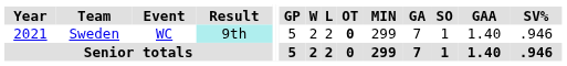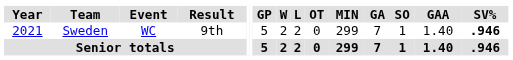 <table border="0" cellpadding="1" cellspacing="0" style="text-align:center; width:40em">
 <tr ALIGN="center" bgcolor="#e0e0e0">
 <th colspan="4" style="background:#fff;"></th>
 <th rowspan="99" style="background:#fff;"></th>
 </tr>
 <tr style="background:#e0e0e0; text-align:center;">
 <th>Year</th>
 <th>Team</th>
 <th>Event</th>
 <th>Result</th>
 <th rowspan="99" style="background:#fff;"></th>
 <th>GP</th>
 <th>W</th>
 <th>L</th>
 <th>OT</th>
 <th>MIN</th>
 <th>GA</th>
 <th>SO</th>
 <th>GAA</th>
 <th>SV%</th>
 </tr>
 <tr>
 <td><a href='#'>2021</a></td>
 <td><a href='#'>Sweden</a></td>
 <td><a href='#'>WC</a></td>
-<td style="background: paleturquoise;">9th</td>
+<td>9th</td>
 <td>5</td>
 <td>2</td>
 <td>2</td>
-<td><strong>0</strong></td>
+<td>0</td>
 <td>299</td>
 <td>7</td>
 <td>1</td>
 <td>1.40</td>
-<td>.946</td>
+<td><strong>.946</strong></td>
 </tr>
 <tr style="background:#e0e0e0;">
 <th colspan=4>Senior totals</th>
 <th>5</th>
 <th>2</th>
 <th>2</th>
 <th>0</th>
 <th>299</th>
 <th>7</th>
 <th>1</th>
 <th>1.40</th>
 <th>.946</th>
 </tr>
 </table>
